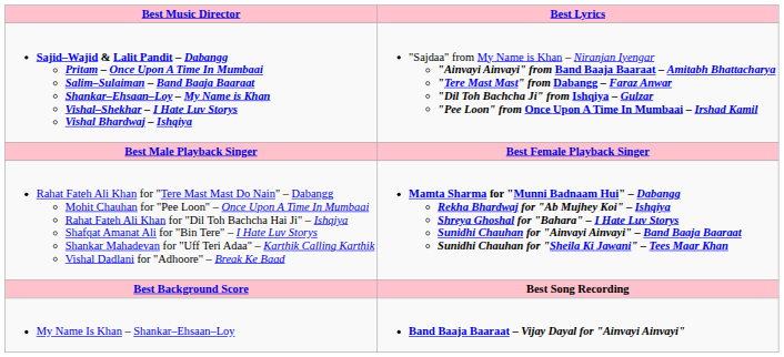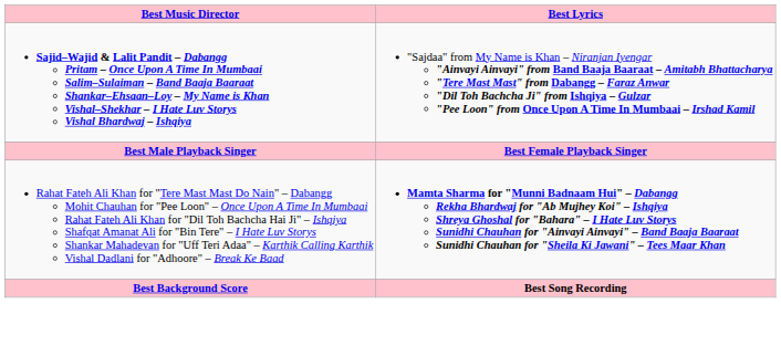 <table class=wikitable style="width=150%">
 <tr>
 <th style="background:#FFC1CC;" ! style="width=50%"><a href='#'>Best Music Director</a></th>
 <th style="background:#FFC1CC;" ! style="width=50%"><a href='#'>Best Lyrics</a></th>
 </tr>
 <tr>
 <td valign="top"><br><ul><li><strong><a href='#'>Sajid–Wajid</a> & <a href='#'>Lalit Pandit</a> – <em><a href='#'>Dabangg</a><strong><em><ul><li><a href='#'>Pritam</a> – </em><a href='#'>Once Upon A Time In Mumbaai</a><em></li><li><a href='#'>Salim–Sulaiman</a> – </em><a href='#'>Band Baaja Baaraat</a><em></li><li><a href='#'>Shankar–Ehsaan–Loy</a> – </em><a href='#'>My Name is Khan</a><em></li><li><a href='#'>Vishal–Shekhar</a> – </em><a href='#'>I Hate Luv Storys</a><em></li><li><a href='#'>Vishal Bhardwaj</a> – </em><a href='#'>Ishqiya</a><em></li></ul></li></ul></td>
 <td valign="top"><br><ul><li></strong>"Sajdaa" from </em><a href='#'>My Name is Khan</a><em> – <a href='#'>Niranjan Iyengar</a><strong><ul><li>"Ainvayi Ainvayi" from </em><a href='#'>Band Baaja Baaraat</a><em> – <a href='#'>Amitabh Bhattacharya</a></li><li>"<a href='#'>Tere Mast Mast</a>" from </em><a href='#'>Dabangg</a><em> – <a href='#'>Faraz Anwar</a></li><li>"Dil Toh Bachcha Ji" from </em><a href='#'>Ishqiya</a><em> – <a href='#'>Gulzar</a></li><li>"Pee Loon" from </em><a href='#'>Once Upon A Time In Mumbaai</a><em> – <a href='#'>Irshad Kamil</a></li></ul></li></ul></td>
 </tr>
 <tr>
 <th style="background:#FFC1CC;" ! style="width=50%"><a href='#'>Best Male Playback Singer</a></th>
 <th style="background:#FFC1CC;" ! style="width=50%"><a href='#'>Best Female Playback Singer</a></th>
 </tr>
 <tr>
 <td valign="top"><br><ul><li></strong><a href='#'>Rahat Fateh Ali Khan</a> for "<a href='#'>Tere Mast Mast Do Nain</a>" – </em><a href='#'>Dabangg</a></em></strong><ul><li><a href='#'>Mohit Chauhan</a> for "Pee Loon" – <em><a href='#'>Once Upon A Time In Mumbaai</a></em></li><li><a href='#'>Rahat Fateh Ali Khan</a> for "Dil Toh Bachcha Hai Ji" – <em><a href='#'>Ishqiya</a></em></li><li><a href='#'>Shafqat Amanat Ali</a> for "Bin Tere" – <em><a href='#'>I Hate Luv Storys</a></em></li><li><a href='#'>Shankar Mahadevan</a> for "Uff Teri Adaa" – <em><a href='#'>Karthik Calling Karthik</a></em></li><li><a href='#'>Vishal Dadlani</a> for "Adhoore" – <em><a href='#'>Break Ke Baad</a></em></li></ul></li></ul></td>
 <td valign="top"><br><ul><li><strong><a href='#'>Mamta Sharma</a> for "<a href='#'>Munni Badnaam Hui</a>" – <em><a href='#'>Dabangg</a><strong><em><ul><li><a href='#'>Rekha Bhardwaj</a> for "Ab Mujhey Koi" – </em><a href='#'>Ishqiya</a><em></li><li><a href='#'>Shreya Ghoshal</a> for "Bahara" – </em><a href='#'>I Hate Luv Storys</a><em></li><li><a href='#'>Sunidhi Chauhan</a> for "Ainvayi Ainvayi" – </em><a href='#'>Band Baaja Baaraat</a><em></li><li>Sunidhi Chauhan for "<a href='#'>Sheila Ki Jawani</a>" – </em><a href='#'>Tees Maar Khan</a><em></li></ul></li></ul></td>
 </tr>
 <tr>
 <th style="background:#FFC1CC;" ! style="width=50%"><a href='#'>Best Background Score</a></th>
 <th style="background:#FFC1CC;" ! style="width=50%">Best Song Recording</th>
 </tr>
-<tr>
-<td valign="top"><br><ul><li></strong><a href='#'>My Name Is Khan</a> – </em><a href='#'>Shankar–Ehsaan–Loy</a></em></strong></li></ul></td>
-<td valign="top"><br><ul><li><strong><a href='#'>Band Baaja Baaraat</a> – <em>Vijay Dayal for "Ainvayi Ainvayi"<strong><em></li></ul></td>
-</tr>
 </table>
